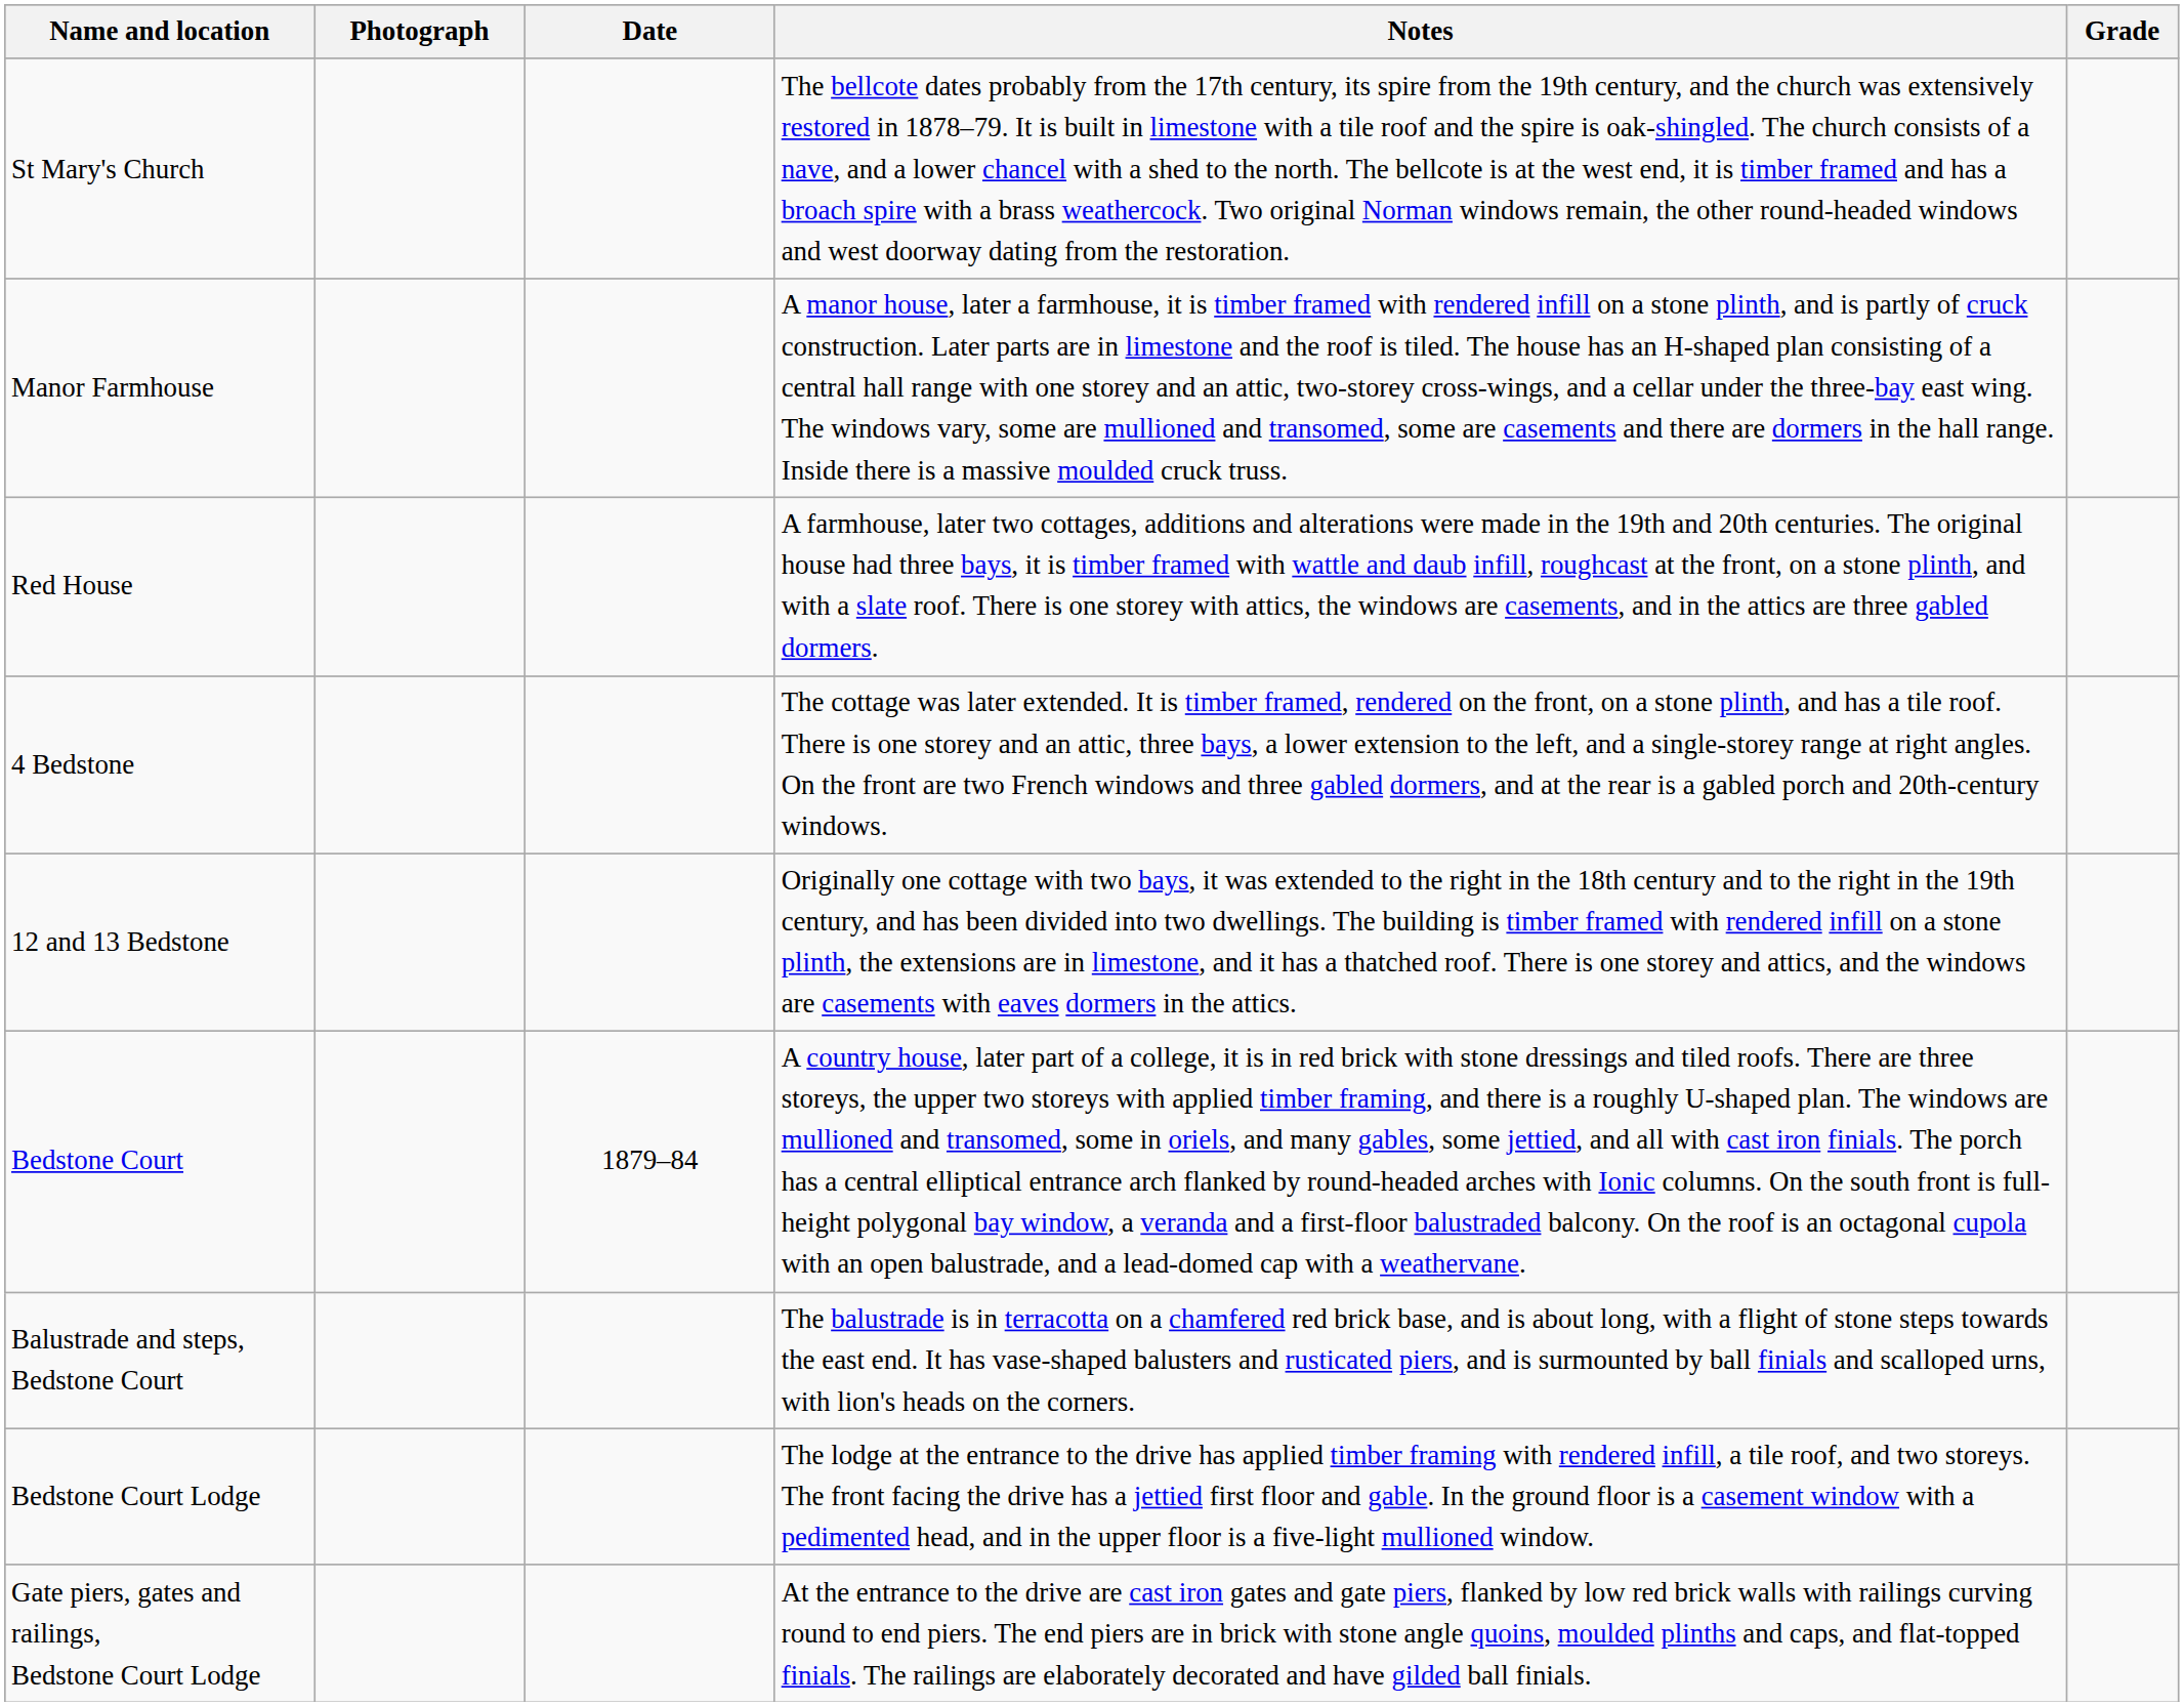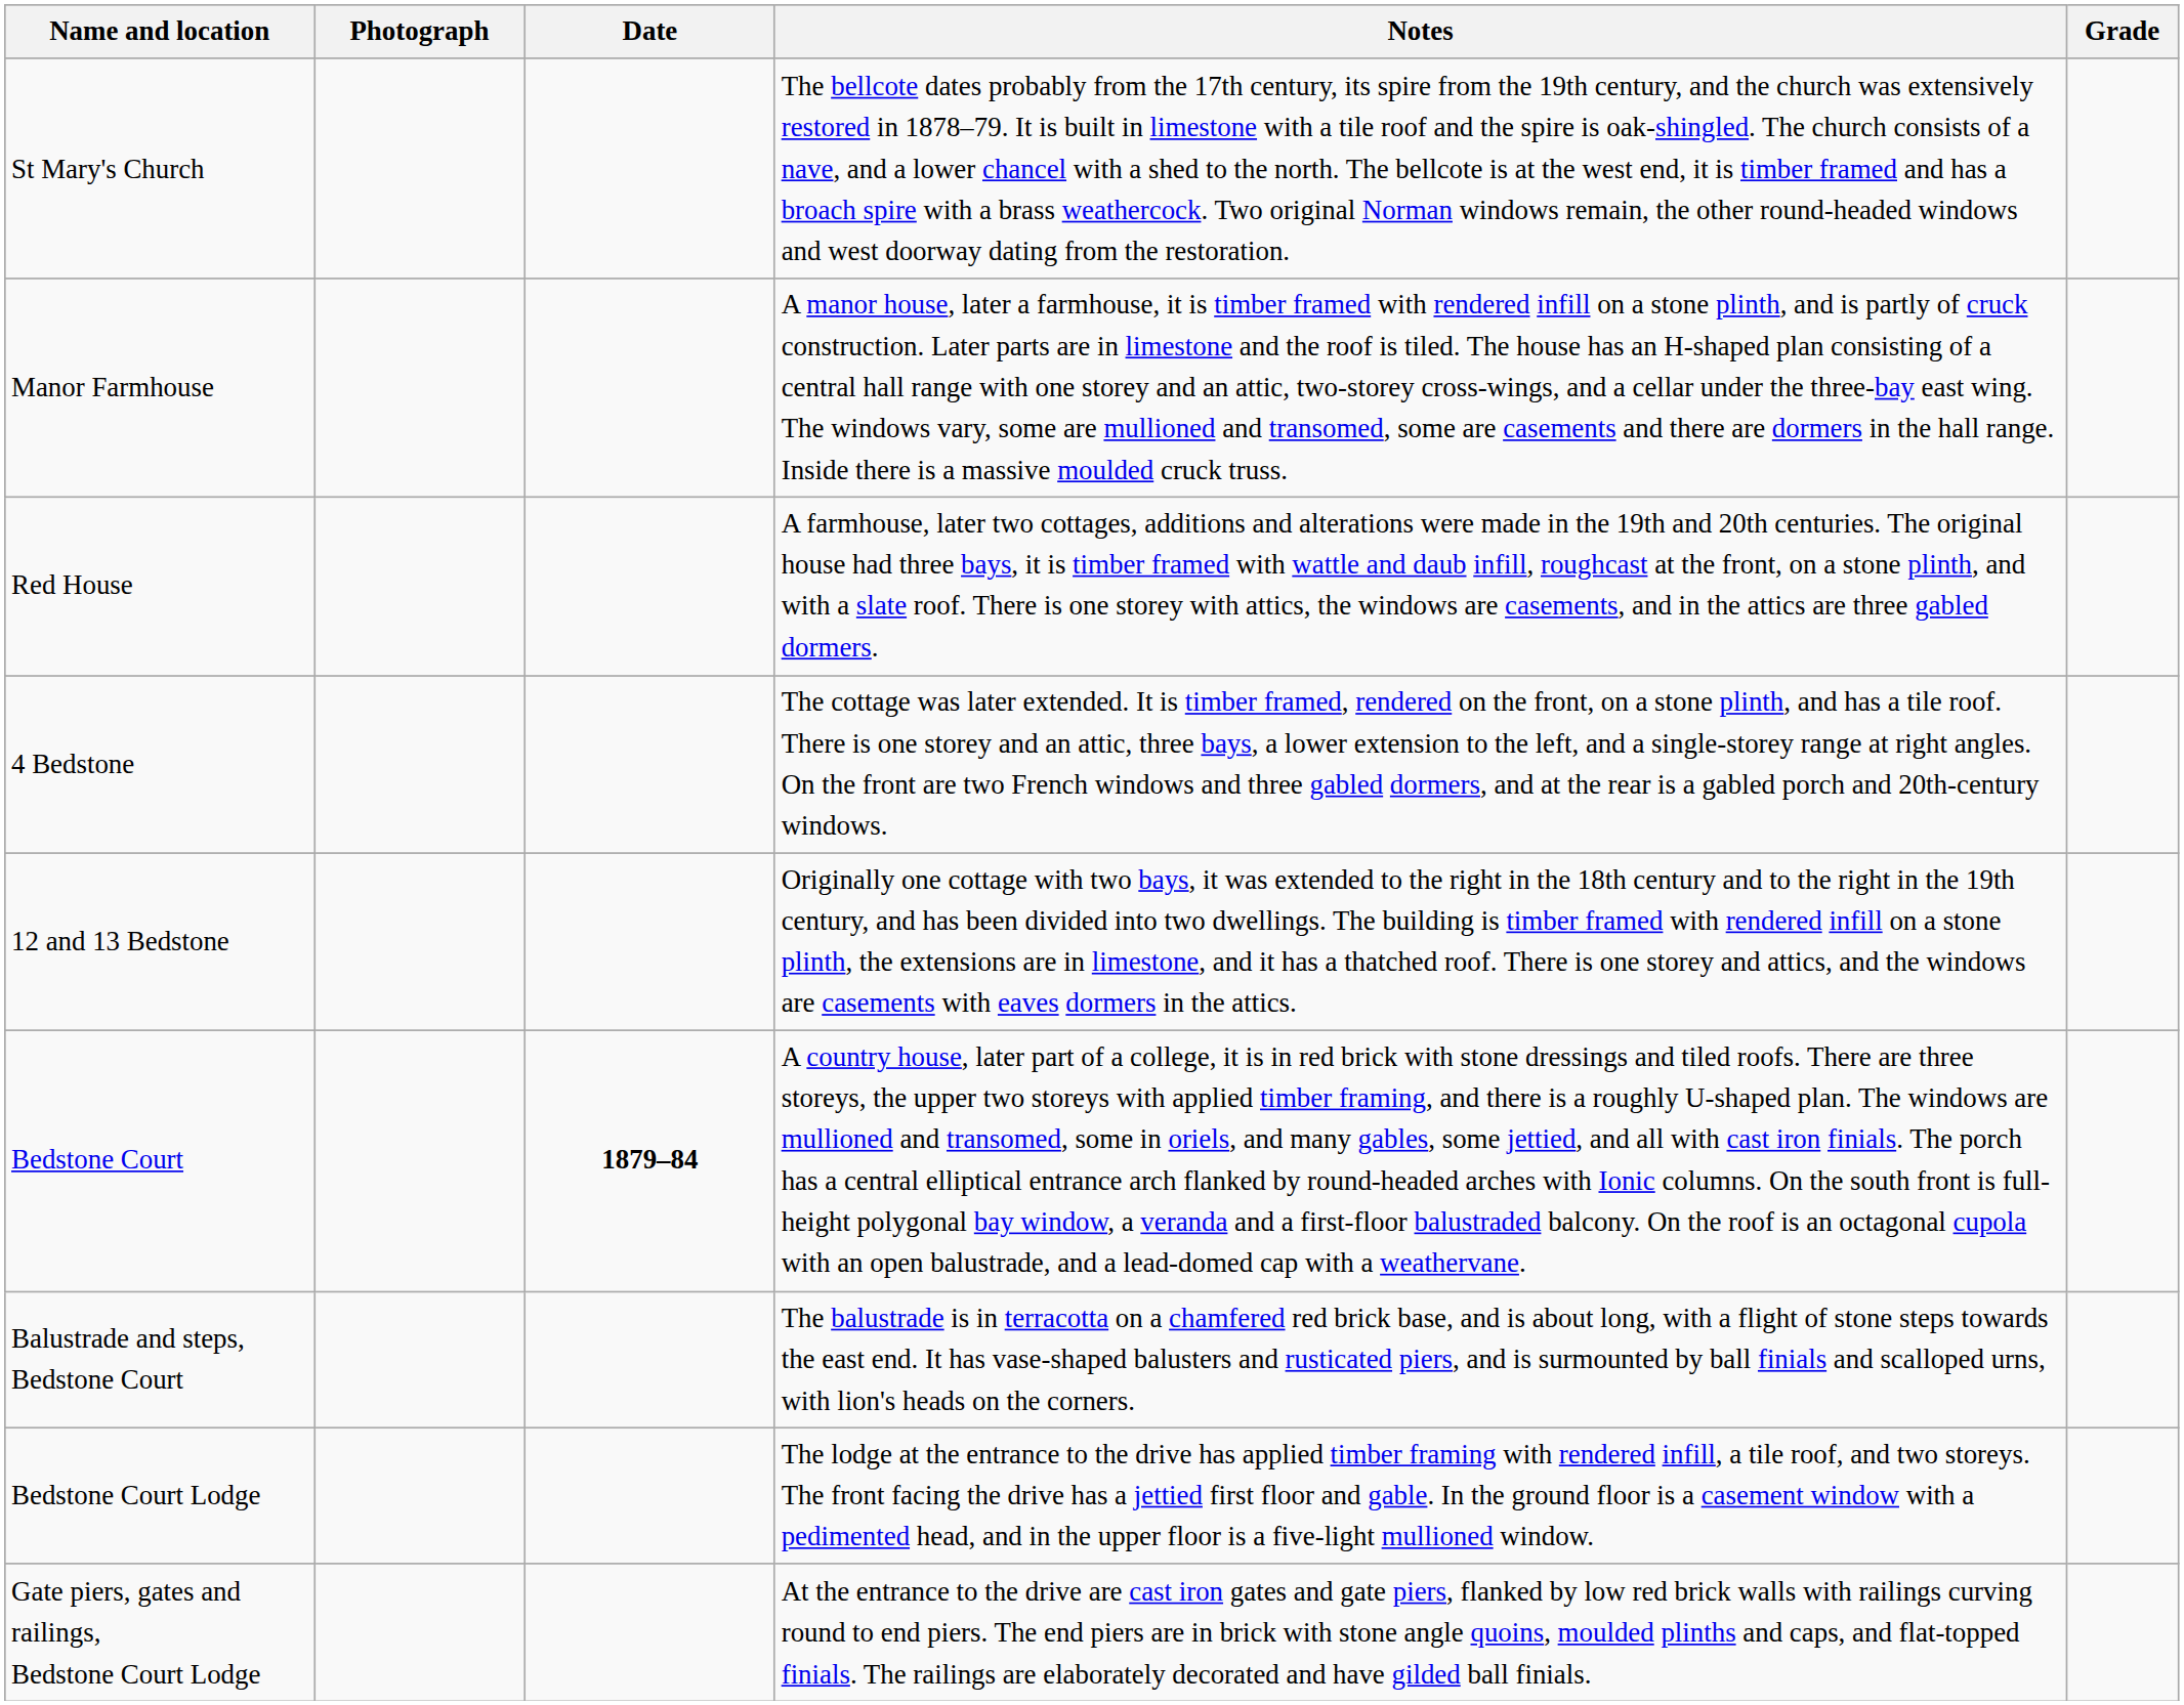 <table class="wikitable sortable plainrowheaders" style="width:100%; border:0; text-align:left; line-height:150%;">
 <tr>
 <th scope="col"  style="width:150px">Name and location</th>
 <th scope="col"  style="width:100px" class="unsortable">Photograph</th>
 <th scope="col"  style="width:120px">Date</th>
 <th scope="col"  style="width:650px" class="unsortable">Notes</th>
 <th scope="col"  style="width:50px">Grade</th>
 </tr>
 <tr>
 <td>St Mary's Church<br><small></small></td>
 <td></td>
 <td align="center"></td>
 <td>The <a href='#'>bellcote</a> dates probably from the 17th century, its spire from the 19th century, and the church was extensively <a href='#'>restored</a> in 1878–79. It is built in <a href='#'>limestone</a> with a tile roof and the spire is oak-<a href='#'>shingled</a>. The church consists of a <a href='#'>nave</a>, and a lower <a href='#'>chancel</a> with a shed to the north. The bellcote is at the west end, it is <a href='#'>timber framed</a> and has a <a href='#'>broach spire</a> with a brass <a href='#'>weathercock</a>. Two original <a href='#'>Norman</a> windows remain, the other round-headed windows and west doorway dating from the restoration.</td>
 <td align="center" ></td>
 </tr>
 <tr>
 <td>Manor Farmhouse<br><small></small></td>
 <td></td>
 <td align="center"></td>
 <td>A <a href='#'>manor house</a>, later a farmhouse, it is <a href='#'>timber framed</a> with <a href='#'>rendered</a> <a href='#'>infill</a> on a stone <a href='#'>plinth</a>, and is partly of <a href='#'>cruck</a> construction. Later parts are in <a href='#'>limestone</a> and the roof is tiled. The house has an H-shaped plan consisting of a central hall range with one storey and an attic, two-storey cross-wings, and a cellar under the three-<a href='#'>bay</a> east wing. The windows vary, some are <a href='#'>mullioned</a> and <a href='#'>transomed</a>, some are <a href='#'>casements</a> and there are <a href='#'>dormers</a> in the hall range. Inside there is a massive <a href='#'>moulded</a> cruck truss.</td>
 <td align="center" ></td>
 </tr>
 <tr>
 <td>Red House<br><small></small></td>
 <td></td>
 <td align="center"></td>
 <td>A farmhouse, later two cottages, additions and alterations were made in the 19th and 20th centuries. The original house had three <a href='#'>bays</a>, it is <a href='#'>timber framed</a> with <a href='#'>wattle and daub</a> <a href='#'>infill</a>, <a href='#'>roughcast</a> at the front, on a stone <a href='#'>plinth</a>, and with a <a href='#'>slate</a> roof. There is one storey with attics, the windows are <a href='#'>casements</a>, and in the attics are three <a href='#'>gabled</a> <a href='#'>dormers</a>.</td>
 <td align="center" ></td>
 </tr>
 <tr>
 <td>4 Bedstone<br><small></small></td>
 <td></td>
 <td align="center"></td>
 <td>The cottage was later extended. It is <a href='#'>timber framed</a>, <a href='#'>rendered</a> on the front, on a stone <a href='#'>plinth</a>, and has a tile roof. There is one storey and an attic, three <a href='#'>bays</a>, a lower extension to the left, and a single-storey range at right angles. On the front are two French windows and three <a href='#'>gabled</a> <a href='#'>dormers</a>, and at the rear is a gabled porch and 20th-century windows.</td>
 <td align="center" ></td>
 </tr>
 <tr>
 <td>12 and 13 Bedstone<br><small></small></td>
 <td></td>
 <td align="center"></td>
 <td>Originally one cottage with two <a href='#'>bays</a>, it was extended to the right in the 18th century and to the right in the 19th century, and has been divided into two dwellings. The building is <a href='#'>timber framed</a> with <a href='#'>rendered</a> <a href='#'>infill</a> on a stone <a href='#'>plinth</a>, the extensions are in <a href='#'>limestone</a>, and it has a thatched roof. There is one storey and attics, and the windows are <a href='#'>casements</a> with <a href='#'>eaves</a> <a href='#'>dormers</a> in the attics.</td>
 <td align="center" ></td>
 </tr>
 <tr>
 <td><a href='#'>Bedstone Court</a><br><small></small></td>
 <td></td>
-<td align="center">1879–84</td>
+<td align="center"><strong>1879–84</strong></td>
 <td>A <a href='#'>country house</a>, later part of a college, it is in red brick with stone dressings and tiled roofs. There are three storeys, the upper two storeys with applied <a href='#'>timber framing</a>, and there is a roughly U-shaped plan. The windows are <a href='#'>mullioned</a> and <a href='#'>transomed</a>, some in <a href='#'>oriels</a>, and many <a href='#'>gables</a>, some <a href='#'>jettied</a>, and all with <a href='#'>cast iron</a> <a href='#'>finials</a>. The porch has a central elliptical entrance arch flanked by round-headed arches with <a href='#'>Ionic</a> columns. On the south front is full-height polygonal <a href='#'>bay window</a>, a <a href='#'>veranda</a> and a first-floor <a href='#'>balustraded</a> balcony. On the roof is an octagonal <a href='#'>cupola</a> with an open balustrade, and a lead-domed cap with a <a href='#'>weathervane</a>.</td>
 <td align="center" ></td>
 </tr>
 <tr>
 <td>Balustrade and steps,<br>Bedstone Court<br><small></small></td>
 <td></td>
 <td align="center"></td>
 <td>The <a href='#'>balustrade</a> is in <a href='#'>terracotta</a> on a <a href='#'>chamfered</a> red brick base, and is about  long, with a flight of stone steps towards the east end. It has vase-shaped balusters and <a href='#'>rusticated</a> <a href='#'>piers</a>, and is surmounted by ball <a href='#'>finials</a> and scalloped urns, with lion's heads on the corners.</td>
 <td align="center" ></td>
 </tr>
 <tr>
 <td>Bedstone Court Lodge<br><small></small></td>
 <td></td>
 <td align="center"></td>
 <td>The lodge at the entrance to the drive has applied <a href='#'>timber framing</a> with <a href='#'>rendered</a> <a href='#'>infill</a>, a tile roof, and two storeys. The front facing the drive has a <a href='#'>jettied</a> first floor and <a href='#'>gable</a>. In the ground floor is a <a href='#'>casement window</a> with a <a href='#'>pedimented</a> head, and in the upper floor is a five-light <a href='#'>mullioned</a> window.</td>
 <td align="center" ></td>
 </tr>
 <tr>
 <td>Gate piers, gates and railings,<br>Bedstone Court Lodge<br><small></small></td>
 <td></td>
 <td align="center"></td>
 <td>At the entrance to the drive are <a href='#'>cast iron</a> gates and gate <a href='#'>piers</a>, flanked by low red brick walls with railings curving round to end piers. The end piers are in brick with stone angle <a href='#'>quoins</a>, <a href='#'>moulded</a> <a href='#'>plinths</a> and caps, and flat-topped <a href='#'>finials</a>. The railings are elaborately decorated and have <a href='#'>gilded</a> ball finials.</td>
 <td align="center" ></td>
 </tr>
 <tr>
 </tr>
 </table>
